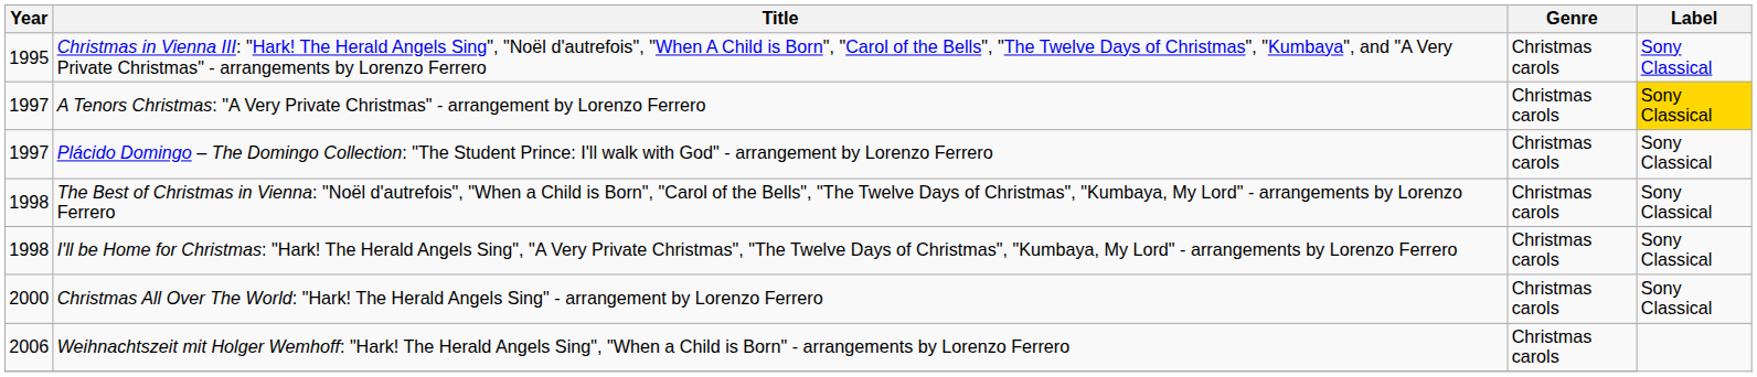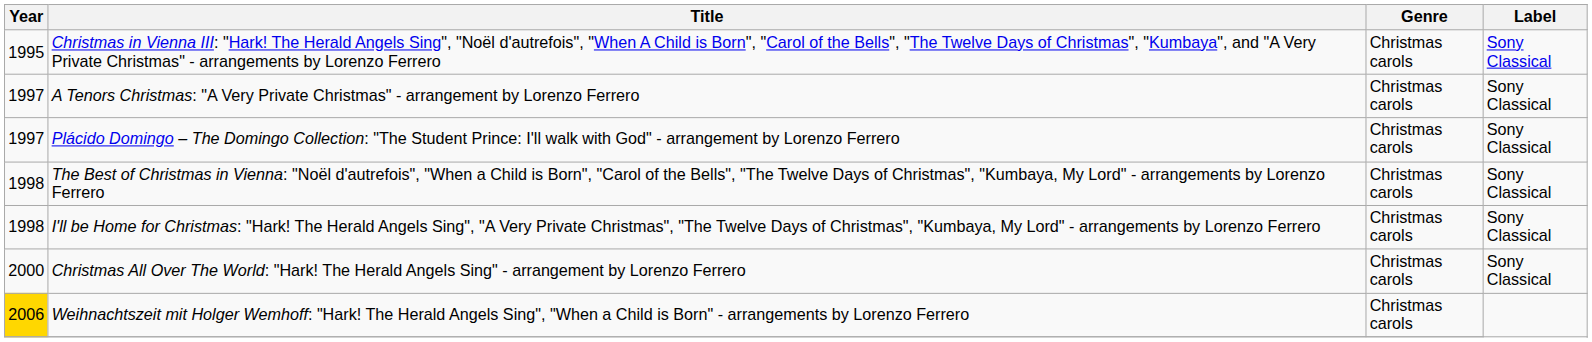 <table class="wikitable">
 <tr>
 <th>Year</th>
 <th>Title</th>
 <th>Genre</th>
 <th>Label</th>
 </tr>
 <tr>
 <td>1995</td>
 <td><em><a href='#'>Christmas in Vienna III</a></em>: "<a href='#'>Hark! The Herald Angels Sing</a>", "Noël d'autrefois", "<a href='#'>When A Child is Born</a>", "<a href='#'>Carol of the Bells</a>", "<a href='#'>The Twelve Days of Christmas</a>", "<a href='#'>Kumbaya</a>", and "A Very Private Christmas" - arrangements by Lorenzo Ferrero</td>
 <td>Christmas carols</td>
 <td><a href='#'>Sony Classical</a></td>
 </tr>
 <tr>
 <td>1997</td>
 <td><em>A Tenors Christmas</em>: "A Very Private Christmas" - arrangement by Lorenzo Ferrero</td>
 <td>Christmas carols</td>
-<td style="background: gold;">Sony Classical</td>
+<td>Sony Classical</td>
 </tr>
 <tr>
 <td>1997</td>
 <td><em><a href='#'>Plácido Domingo</a> – The Domingo Collection</em>: "The Student Prince: I'll walk with God" - arrangement by Lorenzo Ferrero</td>
 <td>Christmas carols</td>
 <td>Sony Classical</td>
 </tr>
 <tr>
 <td>1998</td>
 <td><em>The Best of Christmas in Vienna</em>: "Noël d'autrefois", "When a Child is Born", "Carol of the Bells", "The Twelve Days of Christmas", "Kumbaya, My Lord" - arrangements by Lorenzo Ferrero</td>
 <td>Christmas carols</td>
 <td>Sony Classical</td>
 </tr>
 <tr>
 <td>1998</td>
 <td><em>I'll be Home for Christmas</em>: "Hark! The Herald Angels Sing", "A Very Private Christmas", "The Twelve Days of Christmas", "Kumbaya, My Lord" - arrangements by Lorenzo Ferrero</td>
 <td>Christmas carols</td>
 <td>Sony Classical</td>
 </tr>
 <tr>
 <td>2000</td>
 <td><em>Christmas All Over The World</em>: "Hark! The Herald Angels Sing" - arrangement by Lorenzo Ferrero</td>
 <td>Christmas carols</td>
 <td>Sony Classical</td>
 </tr>
 <tr>
-<td>2006</td>
+<td style="background: gold;">2006</td>
 <td><em>Weihnachtszeit mit Holger Wemhoff</em>: "Hark! The Herald Angels Sing", "When a Child is Born" - arrangements by Lorenzo Ferrero</td>
 <td>Christmas carols</td>
 </tr>
 <tr>
 </tr>
 </table>
